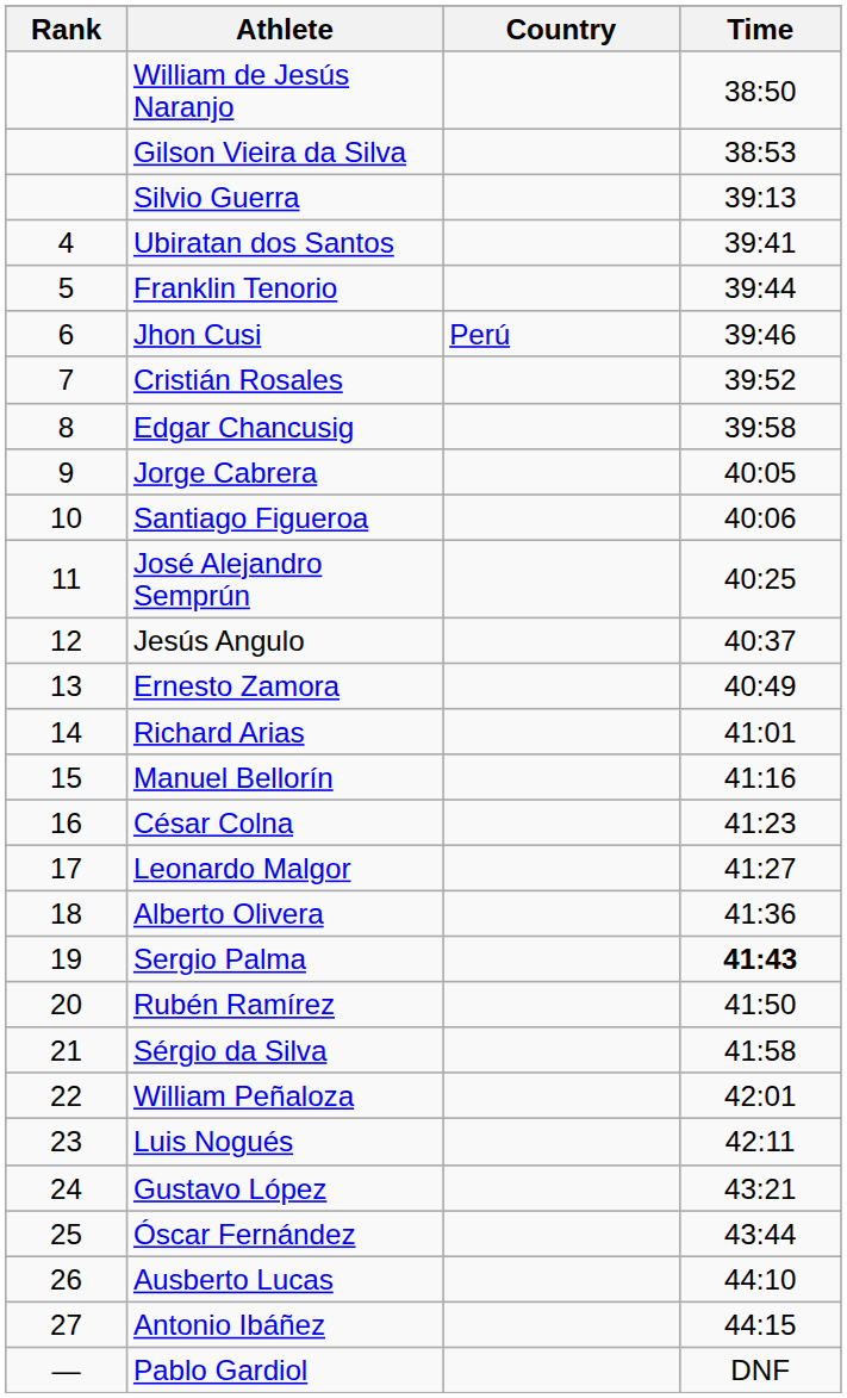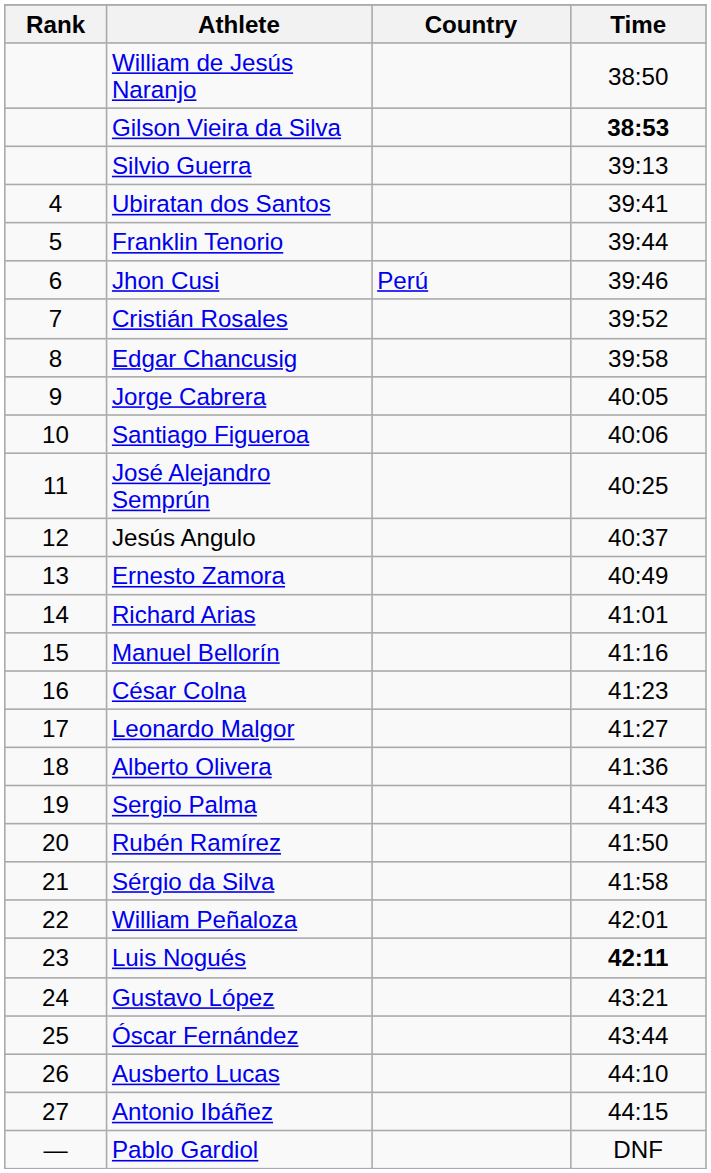 <table class="wikitable sortable" style=" text-align:center; font-size:95%;" width="50%">
 <tr>
 </tr>
 <tr>
 <th width=5%>Rank</th>
 <th width=20%>Athlete</th>
 <th width=15%>Country</th>
 <th width=10%>Time</th>
 </tr>
 <tr>
 <td align=center></td>
 <td align=left><a href='#'>William de Jesús Naranjo</a></td>
 <td align=left></td>
 <td>38:50</td>
 </tr>
 <tr>
 <td align=center></td>
 <td align=left><a href='#'>Gilson Vieira da Silva</a></td>
 <td align=left></td>
-<td>38:53</td>
+<td><strong>38:53</strong></td>
 </tr>
 <tr>
 <td align=center></td>
 <td align=left><a href='#'>Silvio Guerra</a></td>
 <td align=left></td>
 <td>39:13</td>
 </tr>
 <tr>
 <td align=center>4</td>
 <td align=left><a href='#'>Ubiratan dos Santos</a></td>
 <td align=left></td>
 <td>39:41</td>
 </tr>
 <tr>
 <td align=center>5</td>
 <td align=left><a href='#'>Franklin Tenorio</a></td>
 <td align=left></td>
 <td>39:44</td>
 </tr>
 <tr>
 <td align=center>6</td>
 <td align=left><a href='#'>Jhon Cusi</a></td>
 <td align=left> <a href='#'>Perú</a></td>
 <td>39:46</td>
 </tr>
 <tr>
 <td align=center>7</td>
 <td align=left><a href='#'>Cristián Rosales</a></td>
 <td align=left></td>
 <td>39:52</td>
 </tr>
 <tr>
 <td align=center>8</td>
 <td align=left><a href='#'>Edgar Chancusig</a></td>
 <td align=left></td>
 <td>39:58</td>
 </tr>
 <tr>
 <td align=center>9</td>
 <td align=left><a href='#'>Jorge Cabrera</a></td>
 <td align=left></td>
 <td>40:05</td>
 </tr>
 <tr>
 <td align=center>10</td>
 <td align=left><a href='#'>Santiago Figueroa</a></td>
 <td align=left></td>
 <td>40:06</td>
 </tr>
 <tr>
 <td align=center>11</td>
 <td align=left><a href='#'>José Alejandro Semprún</a></td>
 <td align=left></td>
 <td>40:25</td>
 </tr>
 <tr>
 <td align=center>12</td>
 <td align=left>Jesús Angulo</td>
 <td align=left></td>
 <td>40:37</td>
 </tr>
 <tr>
 <td align=center>13</td>
 <td align=left><a href='#'>Ernesto Zamora</a></td>
 <td align=left></td>
 <td>40:49</td>
 </tr>
 <tr>
 <td align=center>14</td>
 <td align=left><a href='#'>Richard Arias</a></td>
 <td align=left></td>
 <td>41:01</td>
 </tr>
 <tr>
 <td align=center>15</td>
 <td align=left><a href='#'>Manuel Bellorín</a></td>
 <td align=left></td>
 <td>41:16</td>
 </tr>
 <tr>
 <td align=center>16</td>
 <td align=left><a href='#'>César Colna</a></td>
 <td align=left></td>
 <td>41:23</td>
 </tr>
 <tr>
 <td align=center>17</td>
 <td align=left><a href='#'>Leonardo Malgor</a></td>
 <td align=left></td>
 <td>41:27</td>
 </tr>
 <tr>
 <td align=center>18</td>
 <td align=left><a href='#'>Alberto Olivera</a></td>
 <td align=left></td>
 <td>41:36</td>
 </tr>
 <tr>
 <td align=center>19</td>
 <td align=left><a href='#'>Sergio Palma</a></td>
 <td align=left></td>
-<td><strong>41:43</strong></td>
+<td>41:43</td>
 </tr>
 <tr>
 <td align=center>20</td>
 <td align=left><a href='#'>Rubén Ramírez</a></td>
 <td align=left></td>
 <td>41:50</td>
 </tr>
 <tr>
 <td align=center>21</td>
 <td align=left><a href='#'>Sérgio da Silva</a></td>
 <td align=left></td>
 <td>41:58</td>
 </tr>
 <tr>
 <td align=center>22</td>
 <td align=left><a href='#'>William Peñaloza</a></td>
 <td align=left></td>
 <td>42:01</td>
 </tr>
 <tr>
 <td align=center>23</td>
 <td align=left><a href='#'>Luis Nogués</a></td>
 <td align=left></td>
-<td>42:11</td>
+<td><strong>42:11</strong></td>
 </tr>
 <tr>
 <td align=center>24</td>
 <td align=left><a href='#'>Gustavo López</a></td>
 <td align=left></td>
 <td>43:21</td>
 </tr>
 <tr>
 <td align=center>25</td>
 <td align=left><a href='#'>Óscar Fernández</a></td>
 <td align=left></td>
 <td>43:44</td>
 </tr>
 <tr>
 <td align=center>26</td>
 <td align=left><a href='#'>Ausberto Lucas</a></td>
 <td align=left></td>
 <td>44:10</td>
 </tr>
 <tr>
 <td align=center>27</td>
 <td align=left><a href='#'>Antonio Ibáñez</a></td>
 <td align=left></td>
 <td>44:15</td>
 </tr>
 <tr>
 <td align=center>—</td>
 <td align=left><a href='#'>Pablo Gardiol</a></td>
 <td align=left></td>
 <td>DNF</td>
 </tr>
 </table>
